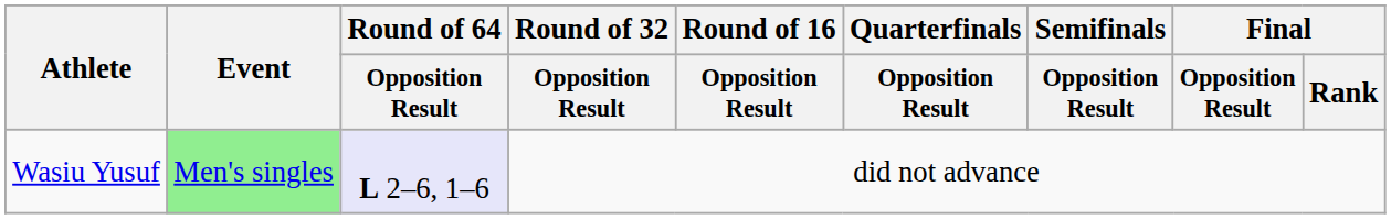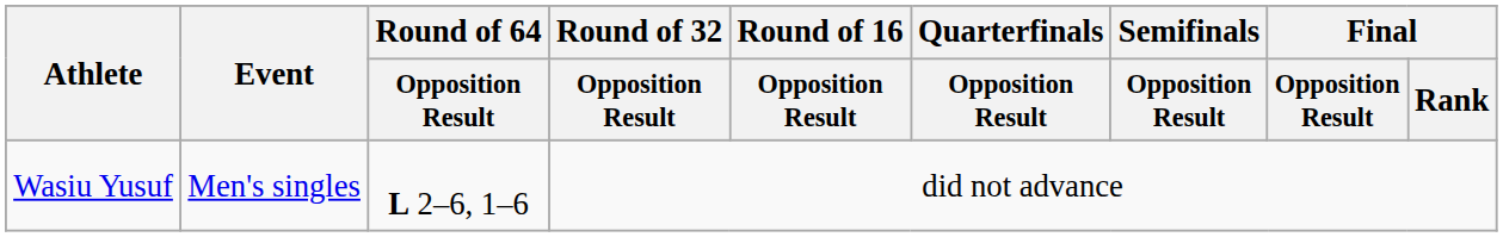 <table class="wikitable" style="font-size:90%">
 <tr>
 <th rowspan="2">Athlete</th>
 <th rowspan="2">Event</th>
 <th>Round of 64</th>
 <th>Round of 32</th>
 <th>Round of 16</th>
 <th>Quarterfinals</th>
 <th>Semifinals</th>
 <th colspan="2">Final</th>
 </tr>
 <tr>
 <th style="line-height:1em"><small>Opposition<br>Result</small></th>
 <th style="line-height:1em"><small>Opposition<br>Result</small></th>
 <th style="line-height:1em"><small>Opposition<br>Result</small></th>
 <th style="line-height:1em"><small>Opposition<br>Result</small></th>
 <th style="line-height:1em"><small>Opposition<br>Result</small></th>
 <th style="line-height:1em"><small>Opposition<br>Result</small></th>
 <th style="line-height:1em">Rank</th>
 </tr>
 <tr>
 <td><a href='#'>Wasiu Yusuf</a></td>
-<td style="background: lightgreen;"><a href='#'>Men's singles</a></td>
-<td align="center" style="background: lavender;"><br><strong>L</strong> 2–6, 1–6</td>
+<td><a href='#'>Men's singles</a></td>
+<td align="center"><br><strong>L</strong> 2–6, 1–6</td>
 <td align="center" colspan="6">did not advance</td>
 </tr>
 </table>
